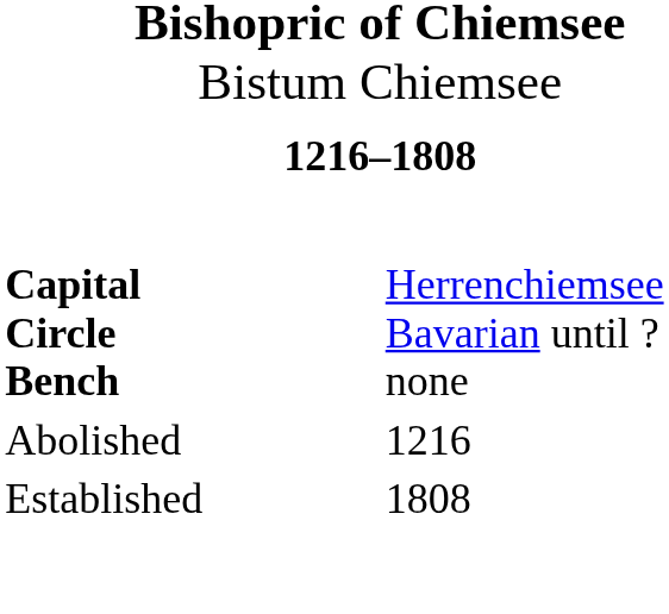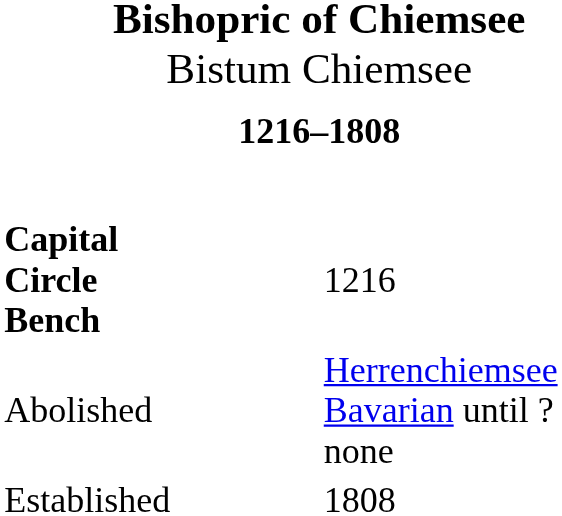 <table align="right" class="toccolours">
 <tr>
 <td colspan=2 align="center"><big><strong>Bishopric of Chiemsee<br></strong>Bistum Chiemsee</big></td>
 </tr>
 <tr>
 <td colspan=2 align="center"></td>
 </tr>
 <tr>
 <td colspan=2 align="center"><strong>1216–1808</strong></td>
 </tr>
 <tr>
 <td colspan=2 align="center"></td>
 </tr>
 <tr>
 <td><br></td>
 </tr>
 <tr>
 <td width=138px><strong>Capital<br>Circle<br>Bench</strong></td>
-<td width=138px><a href='#'>Herrenchiemsee</a><br><a href='#'>Bavarian</a> until ?<br>none</td>
+<td>1216</td>
 </tr>
 <tr>
 <td>Abolished</td>
-<td>1216</td>
+<td width=138px><a href='#'>Herrenchiemsee</a><br><a href='#'>Bavarian</a> until ?<br>none</td>
 </tr>
 <tr>
 <td>Established</td>
 <td>1808</td>
 </tr>
 <tr>
 </tr>
 </table>
